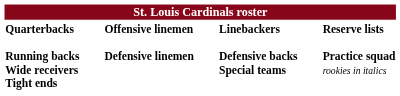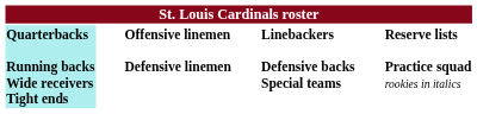 <table class="toccolours" style="text-align: left;">
 <tr>
 <th colspan="9" style="background-color: #870619; color: white; text-align: center;"><strong>St. Louis Cardinals roster</strong></th>
 </tr>
 <tr>
-<td style="font-size: 95%;" valign="top"><strong>Quarterbacks</strong><br> <br><strong>Running backs</strong>    <br><strong>Wide receivers</strong>      <br><strong>Tight ends</strong>  </td>
+<td style="background: paleturquoise; font-size: 95%;" valign="top"><strong>Quarterbacks</strong><br> <br><strong>Running backs</strong>    <br><strong>Wide receivers</strong>      <br><strong>Tight ends</strong>  </td>
 <td style="width: 25px;"></td>
 <td style="font-size: 95%;" valign="top"><strong>Offensive linemen</strong><br>         <br><strong>Defensive linemen</strong>      </td>
 <td style="width: 25px;"></td>
 <td style="font-size: 95%;" valign="top"><strong>Linebackers</strong><br>     <br><strong>Defensive backs</strong>       <br><strong>Special teams</strong> </td>
 <td style="width: 25px;"></td>
 <td style="font-size: 95%;" valign="top"><strong>Reserve lists</strong><br><br><strong>Practice squad</strong><br><small><em>rookies in italics</em></small><br></td>
 </tr>
 <tr>
 </tr>
 </table>
